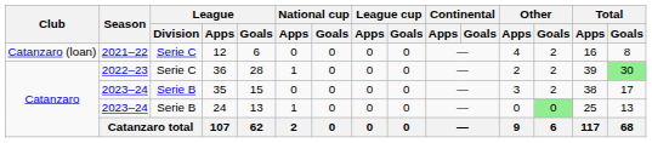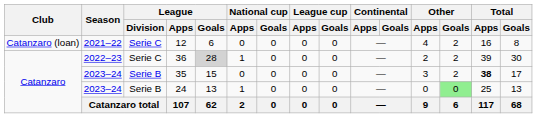 <table class="wikitable" style="text-align:center">
 <tr>
 <th rowspan="2">Club</th>
 <th rowspan="2">Season</th>
 <th colspan="3">League</th>
 <th colspan="2">National cup</th>
 <th colspan="2">League cup</th>
 <th colspan="2">Continental</th>
 <th colspan="2">Other</th>
 <th colspan="2">Total</th>
 </tr>
 <tr>
 <th>Division</th>
 <th>Apps</th>
 <th>Goals</th>
 <th>Apps</th>
 <th>Goals</th>
 <th>Apps</th>
 <th>Goals</th>
 <th>Apps</th>
 <th>Goals</th>
 <th>Apps</th>
 <th>Goals</th>
 <th>Apps</th>
 <th>Goals</th>
 </tr>
 <tr>
 <td><a href='#'>Catanzaro</a> (loan)</td>
 <td><a href='#'>2021–22</a></td>
 <td><a href='#'>Serie C</a></td>
 <td>12</td>
 <td>6</td>
 <td>0</td>
 <td>0</td>
 <td>0</td>
 <td>0</td>
 <td colspan="2">—</td>
 <td>4</td>
 <td>2</td>
 <td>16</td>
 <td>8</td>
 </tr>
 <tr>
 <td rowspan="4"><a href='#'>Catanzaro</a></td>
 <td><a href='#'>2022–23</a></td>
 <td>Serie C</td>
 <td>36</td>
-<td>28</td>
+<td style="background: lightgrey;">28</td>
 <td>1</td>
 <td>0</td>
 <td>0</td>
 <td>0</td>
 <td colspan="2">—</td>
 <td>2</td>
 <td>2</td>
 <td>39</td>
-<td style="background: lightgreen;">30</td>
+<td>30</td>
 </tr>
 <tr>
 <td><a href='#'>2023–24</a></td>
 <td><a href='#'>Serie B</a></td>
 <td>35</td>
 <td>15</td>
 <td>0</td>
 <td>0</td>
 <td>0</td>
 <td>0</td>
 <td colspan="2">—</td>
 <td>3</td>
 <td>2</td>
-<td>38</td>
+<td><strong>38</strong></td>
 <td>17</td>
 </tr>
 <tr>
 <td><a href='#'>2023–24</a></td>
 <td>Serie B</td>
 <td>24</td>
 <td>13</td>
 <td>1</td>
 <td>0</td>
 <td>0</td>
 <td>0</td>
 <td colspan="2">—</td>
 <td>0</td>
 <td style="background: lightgreen;">0</td>
 <td>25</td>
 <td>13</td>
 </tr>
 <tr>
 <th colspan=2>Catanzaro total</th>
 <th>107</th>
 <th>62</th>
 <th>2</th>
 <th>0</th>
 <th>0</th>
 <th>0</th>
 <th colspan="2">—</th>
 <th>9</th>
 <th>6</th>
 <th>117</th>
 <th>68</th>
 </tr>
 </table>
